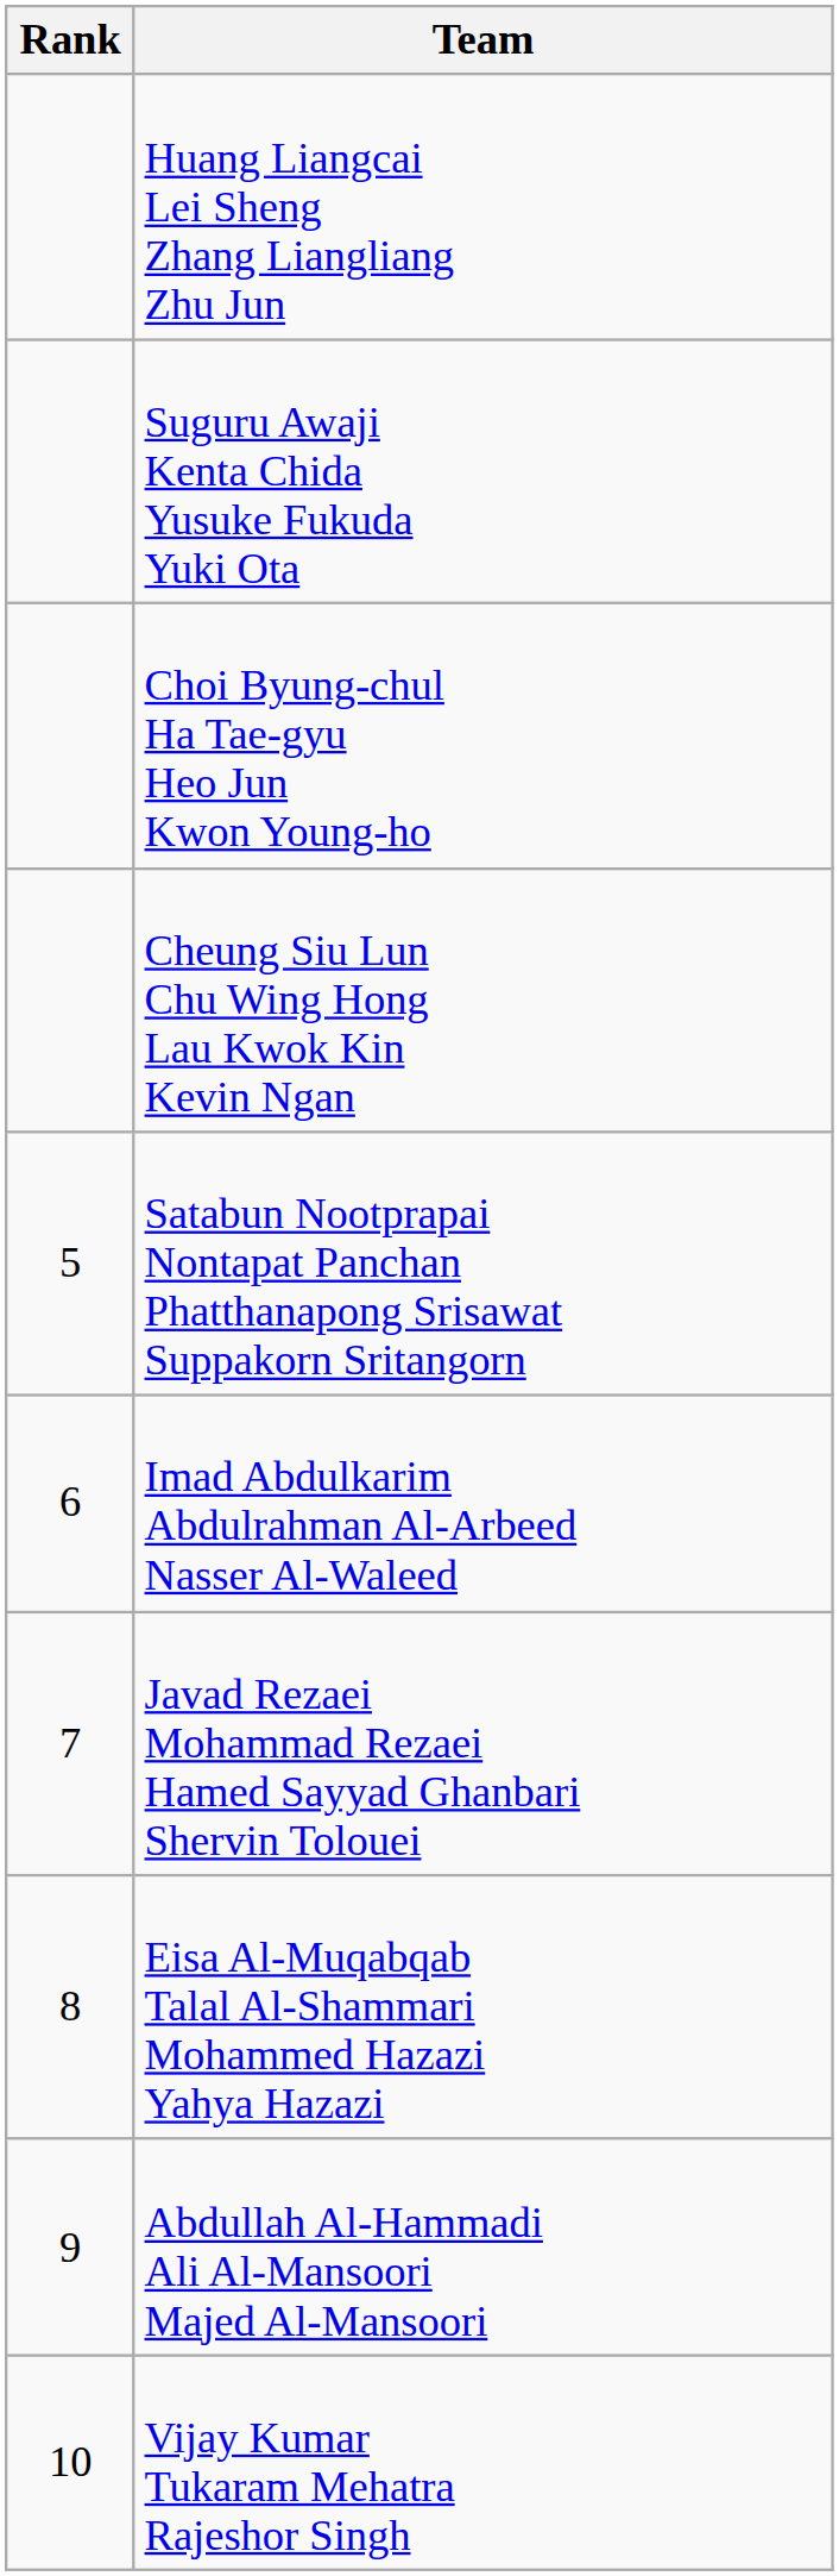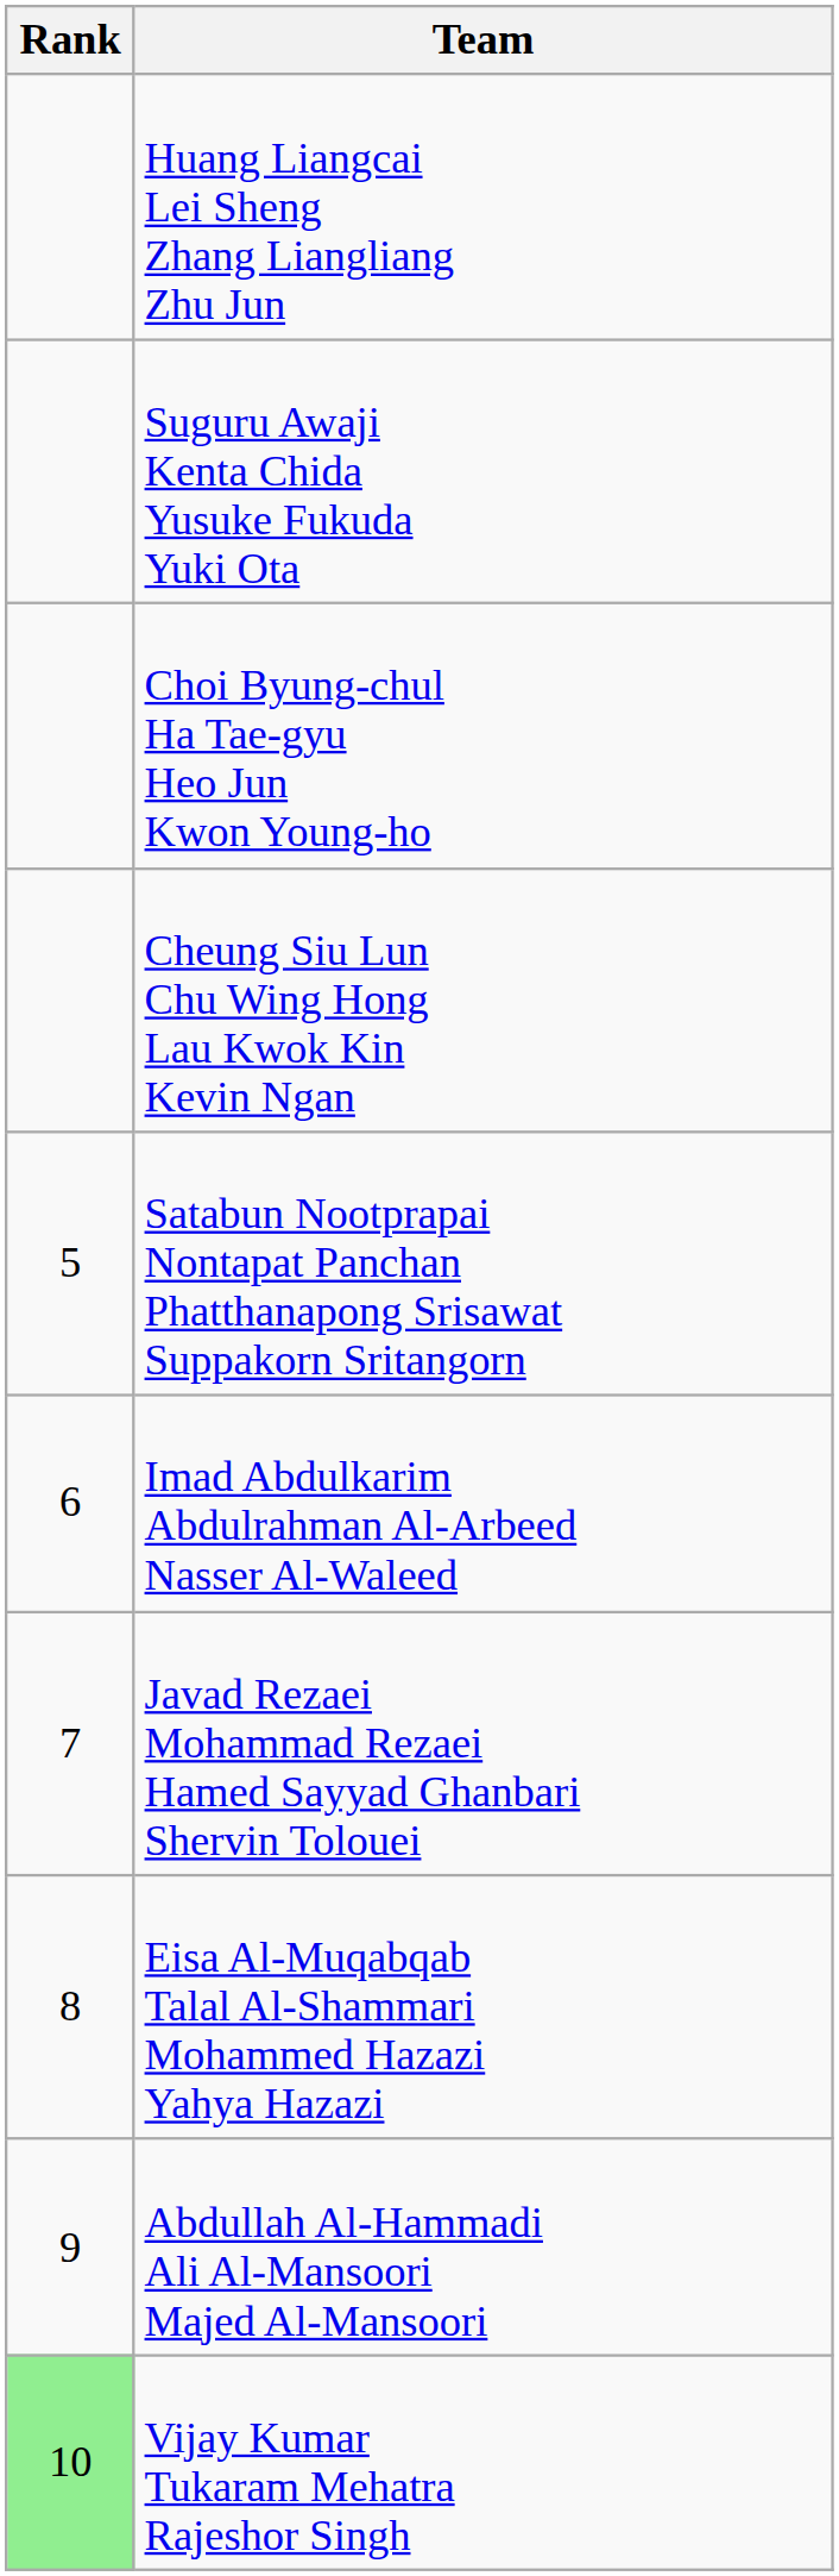 <table class="wikitable" style="text-align: center;">
 <tr>
 <th width=40>Rank</th>
 <th width=250>Team</th>
 </tr>
 <tr>
 <td></td>
 <td align=left><br><a href='#'>Huang Liangcai</a><br><a href='#'>Lei Sheng</a><br><a href='#'>Zhang Liangliang</a><br><a href='#'>Zhu Jun</a></td>
 </tr>
 <tr>
 <td></td>
 <td align=left><br><a href='#'>Suguru Awaji</a><br><a href='#'>Kenta Chida</a><br><a href='#'>Yusuke Fukuda</a><br><a href='#'>Yuki Ota</a></td>
 </tr>
 <tr>
 <td></td>
 <td align=left><br><a href='#'>Choi Byung-chul</a><br><a href='#'>Ha Tae-gyu</a><br><a href='#'>Heo Jun</a><br><a href='#'>Kwon Young-ho</a></td>
 </tr>
 <tr>
 <td></td>
 <td align=left><br><a href='#'>Cheung Siu Lun</a><br><a href='#'>Chu Wing Hong</a><br><a href='#'>Lau Kwok Kin</a><br><a href='#'>Kevin Ngan</a></td>
 </tr>
 <tr>
 <td>5</td>
 <td align=left><br><a href='#'>Satabun Nootprapai</a><br><a href='#'>Nontapat Panchan</a><br><a href='#'>Phatthanapong Srisawat</a><br><a href='#'>Suppakorn Sritangorn</a></td>
 </tr>
 <tr>
 <td>6</td>
 <td align=left><br><a href='#'>Imad Abdulkarim</a><br><a href='#'>Abdulrahman Al-Arbeed</a><br><a href='#'>Nasser Al-Waleed</a></td>
 </tr>
 <tr>
 <td>7</td>
 <td align=left><br><a href='#'>Javad Rezaei</a><br><a href='#'>Mohammad Rezaei</a><br><a href='#'>Hamed Sayyad Ghanbari</a><br><a href='#'>Shervin Tolouei</a></td>
 </tr>
 <tr>
 <td>8</td>
 <td align=left><br><a href='#'>Eisa Al-Muqabqab</a><br><a href='#'>Talal Al-Shammari</a><br><a href='#'>Mohammed Hazazi</a><br><a href='#'>Yahya Hazazi</a></td>
 </tr>
 <tr>
 <td>9</td>
 <td align=left><br><a href='#'>Abdullah Al-Hammadi</a><br><a href='#'>Ali Al-Mansoori</a><br><a href='#'>Majed Al-Mansoori</a></td>
 </tr>
 <tr>
-<td>10</td>
+<td style="background: lightgreen;">10</td>
 <td align=left><br><a href='#'>Vijay Kumar</a><br><a href='#'>Tukaram Mehatra</a><br><a href='#'>Rajeshor Singh</a></td>
 </tr>
 </table>
